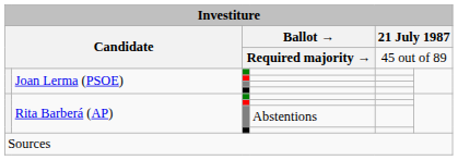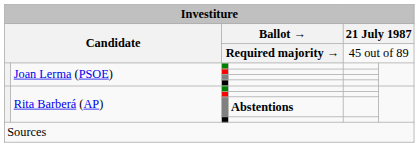 <table class="wikitable" style="text-align:center;">
 <tr>
 <td colspan="6" align="center" bgcolor="#C0C0C0"><strong>Investiture</strong></td>
 </tr>
 <tr>
 <th colspan="2" rowspan="2" width="275px">Candidate</th>
 <th colspan="2" width="150px">Ballot →</th>
 <th colspan="2">21 July 1987</th>
 </tr>
 <tr>
 <th colspan="2">Required majority →</th>
 <td colspan="2">45 out of 89</td>
 </tr>
 <tr>
 <th width="1px" rowspan="4" style="background:"></th>
 <td rowspan="4" align="left"><a href='#'>Joan Lerma</a> (<a href='#'>PSOE</a>)</td>
 <th width="1px" style="background:green;"></th>
 <td align="left"></td>
 <td></td>
 <td rowspan="4"></td>
 </tr>
 <tr>
 <th style="color:inherit;background:red;"></th>
 <td align="left"></td>
 <td></td>
 </tr>
 <tr>
 <th style="color:inherit;background:gray;"></th>
 <td align="left"></td>
 <td></td>
 </tr>
 <tr>
 <th style="color:inherit;background:black;"></th>
 <td align="left"></td>
 <td></td>
 </tr>
 <tr>
 <th rowspan="4" style="background:"></th>
 <td rowspan="4" align="left"><a href='#'>Rita Barberá</a> (<a href='#'>AP</a>)</td>
 <th width="1px" style="background:green;"></th>
 <td align="left"></td>
 <td></td>
 <td rowspan="4"></td>
 </tr>
 <tr>
 <th style="color:inherit;background:red;"></th>
 <td align="left"></td>
 <td></td>
 </tr>
 <tr>
 <th style="color:inherit;background:gray;"></th>
-<td align="left"><span>Abstentions</span></td>
+<td align="left"><strong><span>Abstentions</span></strong></td>
 <td></td>
 </tr>
 <tr>
 <th style="color:inherit;background:black;"></th>
 <td align="left"></td>
 <td></td>
 </tr>
 <tr>
 <td align="left" colspan="6">Sources</td>
 </tr>
 </table>
